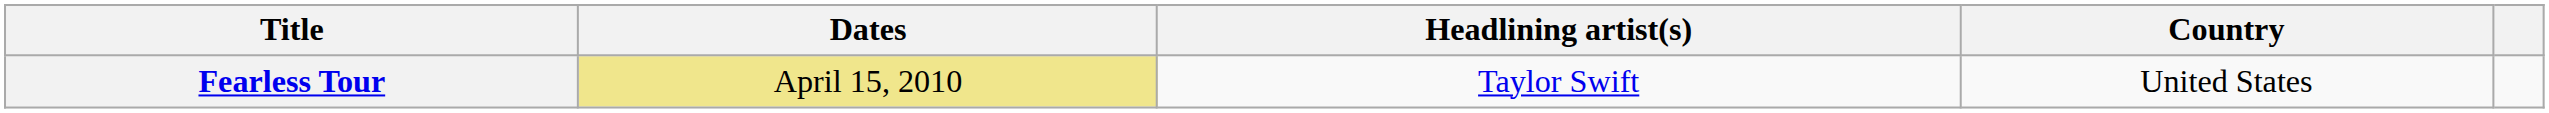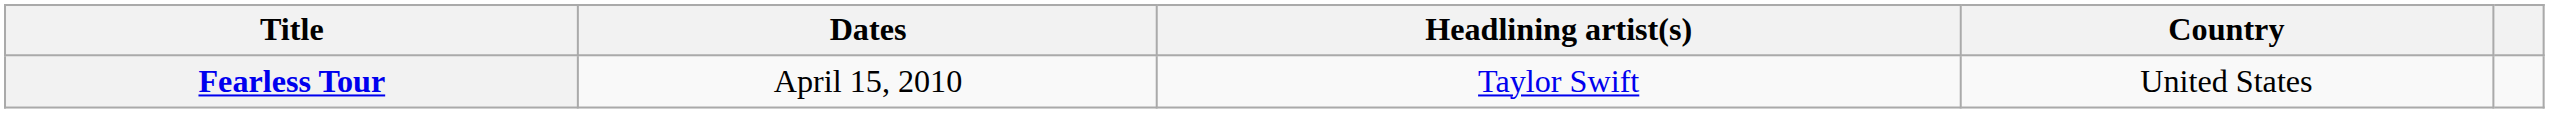 <table class="wikitable sortable plainrowheaders" style="text-align:center;" width=100%>
 <tr>
 <th scope="col">Title</th>
 <th scope="col">Dates</th>
 <th scope="col">Headlining artist(s)</th>
 <th scope="col">Country</th>
 <th scope="col" width="2%" class="unsortable"></th>
 </tr>
 <tr>
 <th scope="row"><a href='#'>Fearless Tour</a></th>
-<td style="background: khaki;">April 15, 2010</td>
+<td>April 15, 2010</td>
 <td rowspan="6"><a href='#'>Taylor Swift</a></td>
 <td>United States</td>
 <td></td>
 </tr>
 </table>
